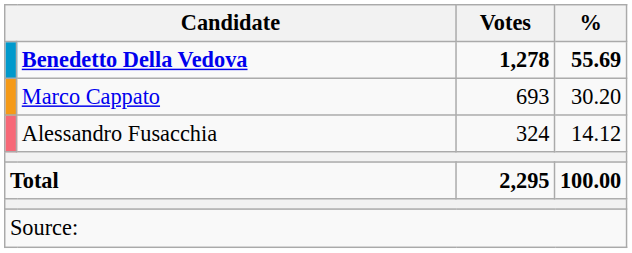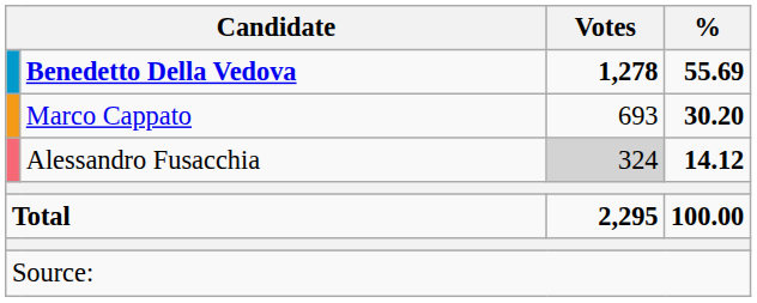 <table class="wikitable" style="text-align:right; font-size:95%;">
 <tr>
 <th colspan="2" width="300">Candidate</th>
 <th width="60">Votes</th>
 <th width="40">%</th>
 </tr>
 <tr>
 <td style="color:inherit;background:#0099CC"></td>
 <td align="left"><strong><a href='#'>Benedetto Della Vedova</a></strong></td>
 <td><strong>1,278</strong></td>
 <td><strong>55.69</strong></td>
 </tr>
 <tr>
 <td width="1" bgcolor=#F59A17></td>
 <td align="left"><a href='#'>Marco Cappato</a></td>
 <td>693</td>
-<td>30.20</td>
+<td><strong>30.20</strong></td>
 </tr>
 <tr>
 <td style="color:inherit;background:#F76877"></td>
 <td align="left">Alessandro Fusacchia</td>
-<td>324</td>
-<td>14.12</td>
+<td style="background: lightgrey;">324</td>
+<td><strong>14.12</strong></td>
 </tr>
 <tr>
 <th colspan="4"></th>
 </tr>
 <tr style="font-weight:bold;">
 <td align="left" colspan="2">Total</td>
 <td>2,295</td>
 <td>100.00</td>
 </tr>
 <tr>
 <th colspan="4"></th>
 </tr>
 <tr>
 <td colspan="4" align="left">Source:  </td>
 </tr>
 </table>
